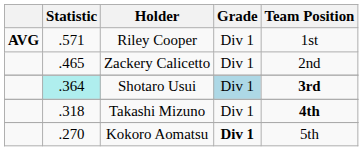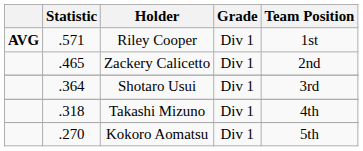 <table class="wikitable" style="text-align: center; mPERin: 0 auto;">
 <tr>
 <th></th>
 <th>Statistic</th>
 <th>Holder</th>
 <th>Grade</th>
 <th>Team Position</th>
 </tr>
 <tr>
 <td><strong>AVG</strong></td>
 <td>.571</td>
 <td>Riley Cooper</td>
 <td>Div 1</td>
 <td>1st</td>
 </tr>
 <tr>
 <td></td>
 <td>.465</td>
 <td>Zackery Calicetto</td>
 <td>Div 1</td>
 <td>2nd</td>
 </tr>
 <tr>
 </tr>
 <tr>
 <td></td>
-<td style="background: paleturquoise;">.364</td>
+<td>.364</td>
 <td>Shotaro Usui</td>
-<td style="background: lightblue;">Div 1</td>
-<td><strong>3rd</strong></td>
+<td>Div 1</td>
+<td>3rd</td>
 </tr>
 <tr>
 </tr>
 <tr>
 <td></td>
 <td>.318</td>
 <td>Takashi Mizuno</td>
 <td>Div 1</td>
-<td><strong>4th</strong></td>
+<td>4th</td>
 </tr>
 <tr>
 </tr>
 <tr>
 <td></td>
 <td>.270</td>
 <td>Kokoro Aomatsu</td>
-<td><strong>Div 1</strong></td>
+<td>Div 1</td>
 <td>5th</td>
 </tr>
 </table>
